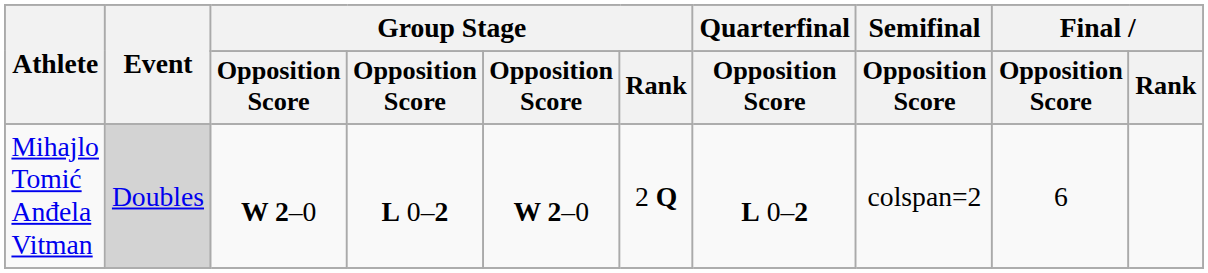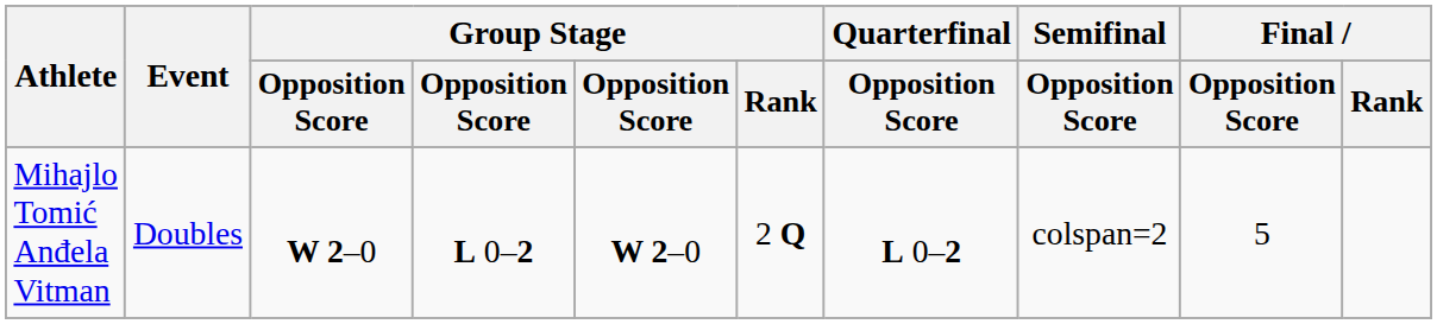 <table class="wikitable" style="font-size:90%">
 <tr>
 <th rowspan=2>Athlete</th>
 <th rowspan=2>Event</th>
 <th colspan=4>Group Stage</th>
 <th>Quarterfinal</th>
 <th>Semifinal</th>
 <th colspan=2>Final / </th>
 </tr>
 <tr style="font-size:95%">
 <th>Opposition<br>Score</th>
 <th>Opposition<br>Score</th>
 <th>Opposition<br>Score</th>
 <th>Rank</th>
 <th>Opposition<br>Score</th>
 <th>Opposition<br>Score</th>
 <th>Opposition<br>Score</th>
 <th>Rank</th>
 </tr>
 <tr align=center>
 <td align=left><a href='#'>Mihajlo Tomić</a><br><a href='#'>Anđela Vitman</a></td>
-<td align=left style="background: lightgrey;"><a href='#'>Doubles</a></td>
+<td align=left><a href='#'>Doubles</a></td>
 <td><br><strong>W 2</strong>–0</td>
 <td><br><strong>L</strong> 0–<strong>2</strong></td>
 <td><br><strong>W 2</strong>–0</td>
 <td>2 <strong>Q</strong></td>
 <td><br><strong>L</strong> 0–<strong>2</strong></td>
 <td>colspan=2 </td>
-<td>6</td>
+<td>5</td>
 </tr>
 </table>
